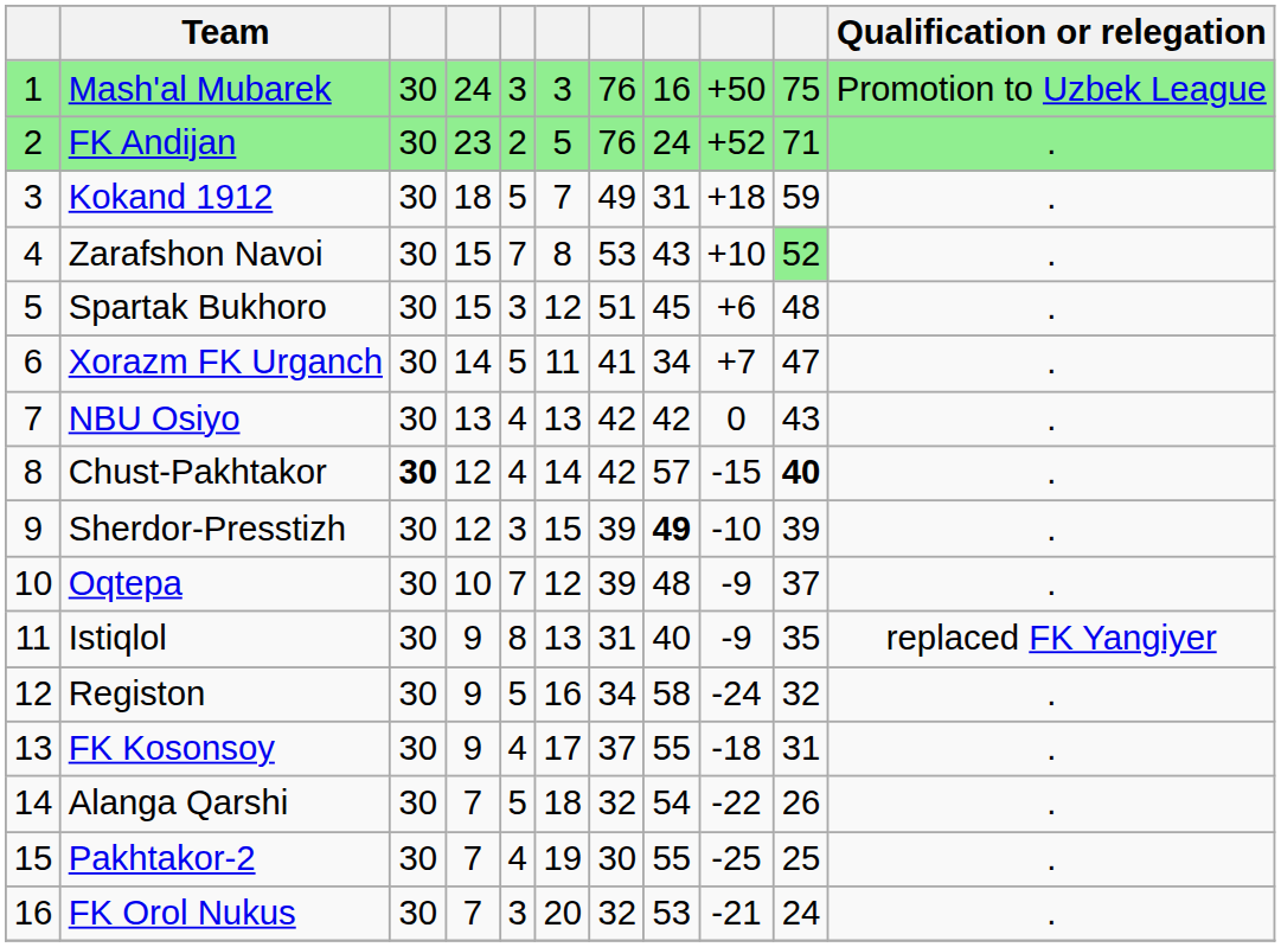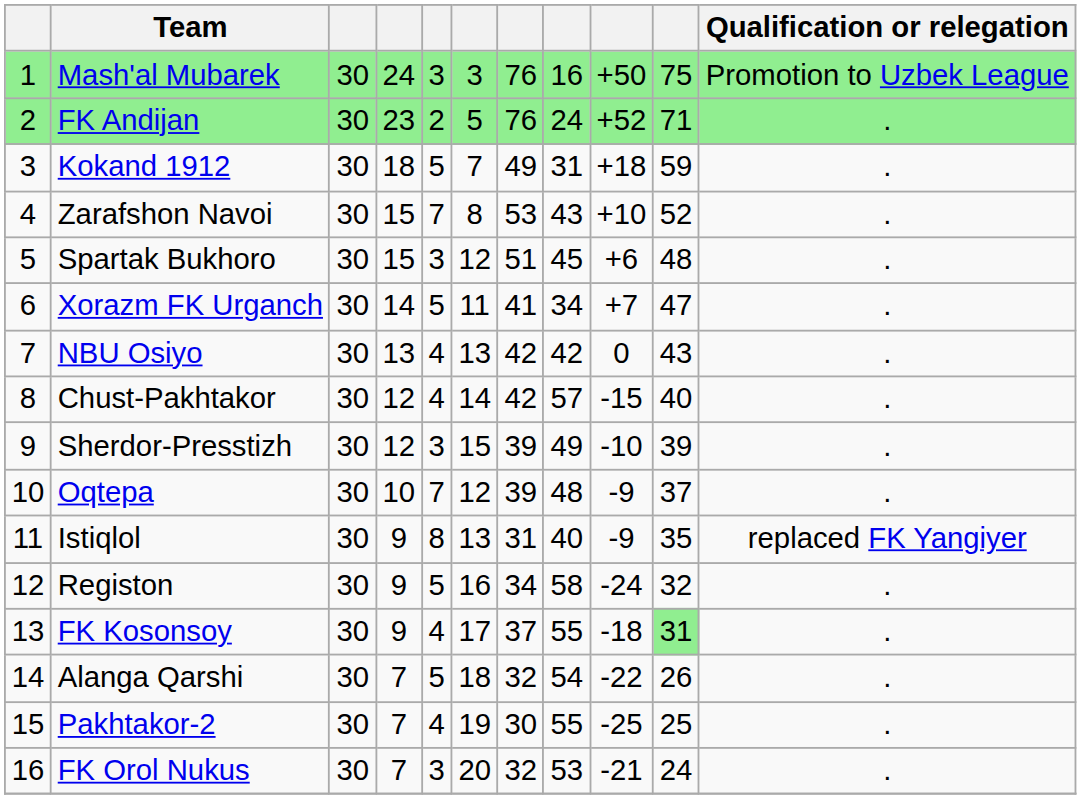 <table class="wikitable sortable" style="text-align:center; font-size:100%;">
 <tr>
 <th></th>
 <th>Team</th>
 <th></th>
 <th></th>
 <th></th>
 <th></th>
 <th></th>
 <th></th>
 <th></th>
 <th></th>
 <th>Qualification or relegation</th>
 </tr>
 <tr align="center" bgcolor="#90EE90">
 <td>1</td>
 <td align="left"><a href='#'>Mash'al Mubarek</a></td>
 <td>30</td>
 <td>24</td>
 <td>3</td>
 <td>3</td>
 <td>76</td>
 <td>16</td>
 <td>+50</td>
 <td>75</td>
 <td>Promotion to <a href='#'>Uzbek League</a></td>
 </tr>
 <tr align="center" bgcolor="#90EE90">
 <td>2</td>
 <td align="left"><a href='#'>FK Andijan</a></td>
 <td>30</td>
 <td>23</td>
 <td>2</td>
 <td>5</td>
 <td>76</td>
 <td>24</td>
 <td>+52</td>
 <td>71</td>
 <td>.</td>
 </tr>
 <tr>
 <td>3</td>
 <td align="left"><a href='#'>Kokand 1912</a></td>
 <td>30</td>
 <td>18</td>
 <td>5</td>
 <td>7</td>
 <td>49</td>
 <td>31</td>
 <td>+18</td>
 <td>59</td>
 <td>.</td>
 </tr>
 <tr>
 <td>4</td>
 <td align="left">Zarafshon Navoi</td>
 <td>30</td>
 <td>15</td>
 <td>7</td>
 <td>8</td>
 <td>53</td>
 <td>43</td>
 <td>+10</td>
-<td style="background: lightgreen;">52</td>
+<td>52</td>
 <td>.</td>
 </tr>
 <tr>
 <td>5</td>
 <td align="left">Spartak Bukhoro</td>
 <td>30</td>
 <td>15</td>
 <td>3</td>
 <td>12</td>
 <td>51</td>
 <td>45</td>
 <td>+6</td>
 <td>48</td>
 <td>.</td>
 </tr>
 <tr>
 <td>6</td>
 <td align="left"><a href='#'>Xorazm FK Urganch</a></td>
 <td>30</td>
 <td>14</td>
 <td>5</td>
 <td>11</td>
 <td>41</td>
 <td>34</td>
 <td>+7</td>
 <td>47</td>
 <td>.</td>
 </tr>
 <tr>
 <td>7</td>
 <td align="left"><a href='#'>NBU Osiyo</a></td>
 <td>30</td>
 <td>13</td>
 <td>4</td>
 <td>13</td>
 <td>42</td>
 <td>42</td>
 <td>0</td>
 <td>43</td>
 <td>.</td>
 </tr>
 <tr>
 <td>8</td>
 <td align="left">Chust-Pakhtakor</td>
-<td><strong>30</strong></td>
+<td>30</td>
 <td>12</td>
 <td>4</td>
 <td>14</td>
 <td>42</td>
 <td>57</td>
 <td>-15</td>
-<td><strong>40</strong></td>
+<td>40</td>
 <td>.</td>
 </tr>
 <tr>
 <td>9</td>
 <td align="left">Sherdor-Presstizh</td>
 <td>30</td>
 <td>12</td>
 <td>3</td>
 <td>15</td>
 <td>39</td>
-<td><strong>49</strong></td>
+<td>49</td>
 <td>-10</td>
 <td>39</td>
 <td>.</td>
 </tr>
 <tr>
 <td>10</td>
 <td align="left"><a href='#'>Oqtepa</a></td>
 <td>30</td>
 <td>10</td>
 <td>7</td>
 <td>12</td>
 <td>39</td>
 <td>48</td>
 <td>-9</td>
 <td>37</td>
 <td>.</td>
 </tr>
 <tr>
 <td>11</td>
 <td align="left">Istiqlol</td>
 <td>30</td>
 <td>9</td>
 <td>8</td>
 <td>13</td>
 <td>31</td>
 <td>40</td>
 <td>-9</td>
 <td>35</td>
 <td>replaced <a href='#'>FK Yangiyer</a></td>
 </tr>
 <tr>
 <td>12</td>
 <td align="left">Registon</td>
 <td>30</td>
 <td>9</td>
 <td>5</td>
 <td>16</td>
 <td>34</td>
 <td>58</td>
 <td>-24</td>
 <td>32</td>
 <td>.</td>
 </tr>
 <tr>
 <td>13</td>
 <td align="left"><a href='#'>FK Kosonsoy</a></td>
 <td>30</td>
 <td>9</td>
 <td>4</td>
 <td>17</td>
 <td>37</td>
 <td>55</td>
 <td>-18</td>
-<td>31</td>
+<td style="background: lightgreen;">31</td>
 <td>.</td>
 </tr>
 <tr>
 <td>14</td>
 <td align="left">Alanga Qarshi</td>
 <td>30</td>
 <td>7</td>
 <td>5</td>
 <td>18</td>
 <td>32</td>
 <td>54</td>
 <td>-22</td>
 <td>26</td>
 <td>.</td>
 </tr>
 <tr>
 <td>15</td>
 <td align="left"><a href='#'>Pakhtakor-2</a></td>
 <td>30</td>
 <td>7</td>
 <td>4</td>
 <td>19</td>
 <td>30</td>
 <td>55</td>
 <td>-25</td>
 <td>25</td>
 <td>.</td>
 </tr>
 <tr>
 <td>16</td>
 <td align="left"><a href='#'>FK Orol Nukus</a></td>
 <td>30</td>
 <td>7</td>
 <td>3</td>
 <td>20</td>
 <td>32</td>
 <td>53</td>
 <td>-21</td>
 <td>24</td>
 <td>.</td>
 </tr>
 <tr>
 </tr>
 </table>
